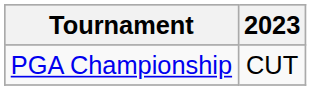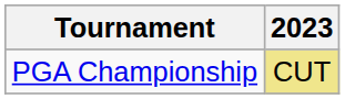 <table class="wikitable" style="font-size:95%;text-align:center;">
 <tr>
 <th>Tournament</th>
 <th>2023</th>
 </tr>
 <tr>
 <td align=left><a href='#'>PGA Championship</a></td>
-<td>CUT</td>
+<td style="background: khaki;">CUT</td>
 </tr>
 </table>
